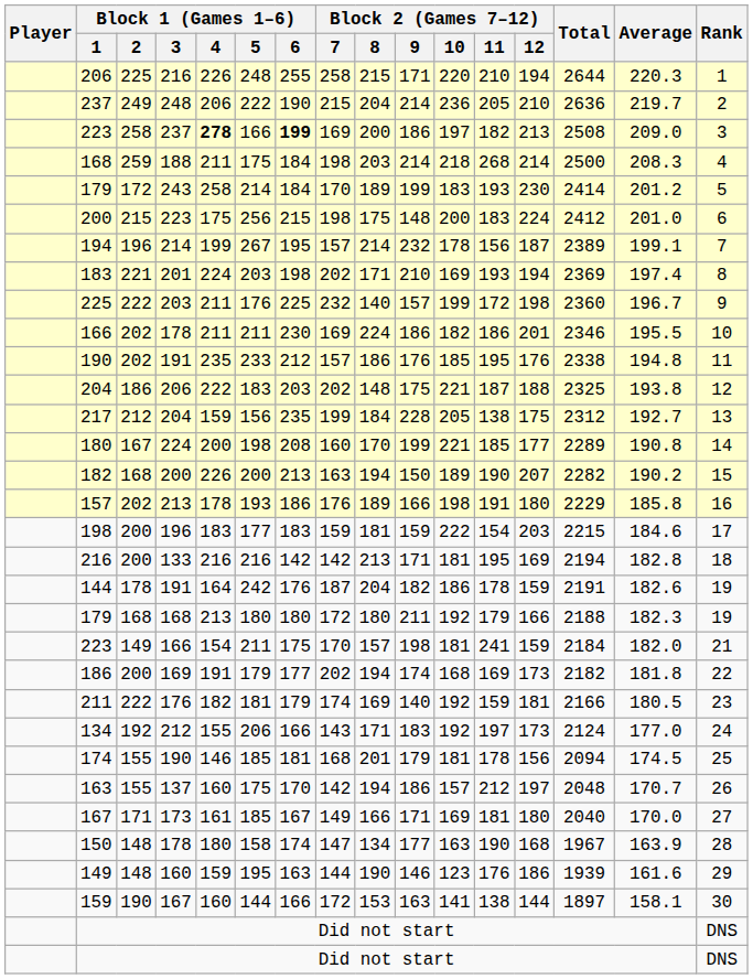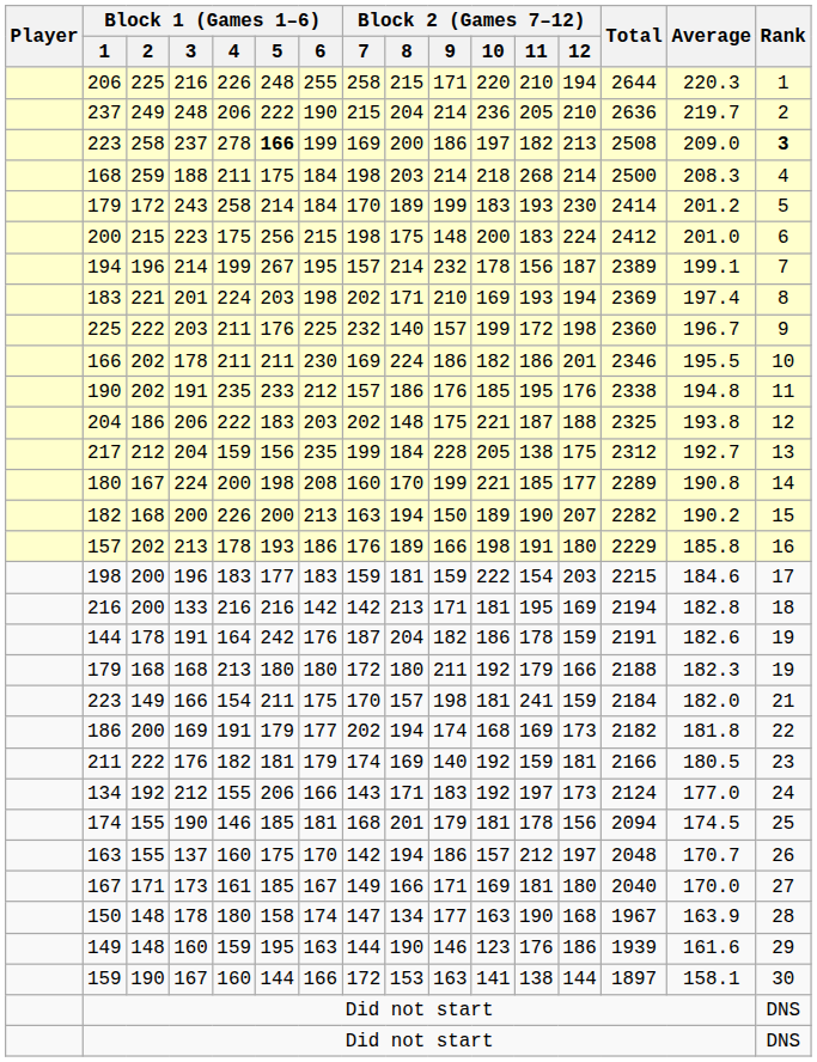 <table class="wikitable">
 <tr>
 <th rowspan=2>Player</th>
 <th colspan=6>Block 1 (Games 1–6)</th>
 <th colspan=6>Block 2 (Games 7–12)</th>
 <th rowspan=2>Total</th>
 <th rowspan=2>Average</th>
 <th rowspan=2>Rank</th>
 </tr>
 <tr>
 <th>1</th>
 <th>2</th>
 <th>3</th>
 <th>4</th>
 <th>5</th>
 <th>6</th>
 <th>7</th>
 <th>8</th>
 <th>9</th>
 <th>10</th>
 <th>11</th>
 <th>12</th>
 </tr>
 <tr bgcolor=#ffffcc>
 <td></td>
 <td align=center>206</td>
 <td align=center>225</td>
 <td align=center>216</td>
 <td align=center>226</td>
 <td align=center>248</td>
 <td align=center>255</td>
 <td align=center>258</td>
 <td align=center>215</td>
 <td align=center>171</td>
 <td align=center>220</td>
 <td align=center>210</td>
 <td align=center>194</td>
 <td align=center>2644</td>
 <td align=center>220.3</td>
 <td align=center>1</td>
 </tr>
 <tr bgcolor=#ffffcc>
 <td></td>
 <td align=center>237</td>
 <td align=center>249</td>
 <td align=center>248</td>
 <td align=center>206</td>
 <td align=center>222</td>
 <td align=center>190</td>
 <td align=center>215</td>
 <td align=center>204</td>
 <td align=center>214</td>
 <td align=center>236</td>
 <td align=center>205</td>
 <td align=center>210</td>
 <td align=center>2636</td>
 <td align=center>219.7</td>
 <td align=center>2</td>
 </tr>
 <tr bgcolor=#ffffcc>
 <td></td>
 <td align=center>223</td>
 <td align=center>258</td>
 <td align=center>237</td>
-<td align=center><strong>278</strong></td>
-<td align=center>166</td>
-<td align=center><strong>199</strong></td>
+<td align=center>278</td>
+<td align=center><strong>166</strong></td>
+<td align=center>199</td>
 <td align=center>169</td>
 <td align=center>200</td>
 <td align=center>186</td>
 <td align=center>197</td>
 <td align=center>182</td>
 <td align=center>213</td>
 <td align=center>2508</td>
 <td align=center>209.0</td>
-<td align=center>3</td>
+<td align=center><strong>3</strong></td>
 </tr>
 <tr bgcolor=#ffffcc>
 <td></td>
 <td align=center>168</td>
 <td align=center>259</td>
 <td align=center>188</td>
 <td align=center>211</td>
 <td align=center>175</td>
 <td align=center>184</td>
 <td align=center>198</td>
 <td align=center>203</td>
 <td align=center>214</td>
 <td align=center>218</td>
 <td align=center>268</td>
 <td align=center>214</td>
 <td align=center>2500</td>
 <td align=center>208.3</td>
 <td align=center>4</td>
 </tr>
 <tr bgcolor=#ffffcc>
 <td></td>
 <td align=center>179</td>
 <td align=center>172</td>
 <td align=center>243</td>
 <td align=center>258</td>
 <td align=center>214</td>
 <td align=center>184</td>
 <td align=center>170</td>
 <td align=center>189</td>
 <td align=center>199</td>
 <td align=center>183</td>
 <td align=center>193</td>
 <td align=center>230</td>
 <td align=center>2414</td>
 <td align=center>201.2</td>
 <td align=center>5</td>
 </tr>
 <tr bgcolor=#ffffcc>
 <td></td>
 <td align=center>200</td>
 <td align=center>215</td>
 <td align=center>223</td>
 <td align=center>175</td>
 <td align=center>256</td>
 <td align=center>215</td>
 <td align=center>198</td>
 <td align=center>175</td>
 <td align=center>148</td>
 <td align=center>200</td>
 <td align=center>183</td>
 <td align=center>224</td>
 <td align=center>2412</td>
 <td align=center>201.0</td>
 <td align=center>6</td>
 </tr>
 <tr bgcolor=#ffffcc>
 <td></td>
 <td align=center>194</td>
 <td align=center>196</td>
 <td align=center>214</td>
 <td align=center>199</td>
 <td align=center>267</td>
 <td align=center>195</td>
 <td align=center>157</td>
 <td align=center>214</td>
 <td align=center>232</td>
 <td align=center>178</td>
 <td align=center>156</td>
 <td align=center>187</td>
 <td align=center>2389</td>
 <td align=center>199.1</td>
 <td align=center>7</td>
 </tr>
 <tr bgcolor=#ffffcc>
 <td></td>
 <td align=center>183</td>
 <td align=center>221</td>
 <td align=center>201</td>
 <td align=center>224</td>
 <td align=center>203</td>
 <td align=center>198</td>
 <td align=center>202</td>
 <td align=center>171</td>
 <td align=center>210</td>
 <td align=center>169</td>
 <td align=center>193</td>
 <td align=center>194</td>
 <td align=center>2369</td>
 <td align=center>197.4</td>
 <td align=center>8</td>
 </tr>
 <tr bgcolor=#ffffcc>
 <td></td>
 <td align=center>225</td>
 <td align=center>222</td>
 <td align=center>203</td>
 <td align=center>211</td>
 <td align=center>176</td>
 <td align=center>225</td>
 <td align=center>232</td>
 <td align=center>140</td>
 <td align=center>157</td>
 <td align=center>199</td>
 <td align=center>172</td>
 <td align=center>198</td>
 <td align=center>2360</td>
 <td align=center>196.7</td>
 <td align=center>9</td>
 </tr>
 <tr bgcolor=#ffffcc>
 <td></td>
 <td align=center>166</td>
 <td align=center>202</td>
 <td align=center>178</td>
 <td align=center>211</td>
 <td align=center>211</td>
 <td align=center>230</td>
 <td align=center>169</td>
 <td align=center>224</td>
 <td align=center>186</td>
 <td align=center>182</td>
 <td align=center>186</td>
 <td align=center>201</td>
 <td align=center>2346</td>
 <td align=center>195.5</td>
 <td align=center>10</td>
 </tr>
 <tr bgcolor=#ffffcc>
 <td></td>
 <td align=center>190</td>
 <td align=center>202</td>
 <td align=center>191</td>
 <td align=center>235</td>
 <td align=center>233</td>
 <td align=center>212</td>
 <td align=center>157</td>
 <td align=center>186</td>
 <td align=center>176</td>
 <td align=center>185</td>
 <td align=center>195</td>
 <td align=center>176</td>
 <td align=center>2338</td>
 <td align=center>194.8</td>
 <td align=center>11</td>
 </tr>
 <tr bgcolor=#ffffcc>
 <td></td>
 <td align=center>204</td>
 <td align=center>186</td>
 <td align=center>206</td>
 <td align=center>222</td>
 <td align=center>183</td>
 <td align=center>203</td>
 <td align=center>202</td>
 <td align=center>148</td>
 <td align=center>175</td>
 <td align=center>221</td>
 <td align=center>187</td>
 <td align=center>188</td>
 <td align=center>2325</td>
 <td align=center>193.8</td>
 <td align=center>12</td>
 </tr>
 <tr bgcolor=#ffffcc>
 <td></td>
 <td align=center>217</td>
 <td align=center>212</td>
 <td align=center>204</td>
 <td align=center>159</td>
 <td align=center>156</td>
 <td align=center>235</td>
 <td align=center>199</td>
 <td align=center>184</td>
 <td align=center>228</td>
 <td align=center>205</td>
 <td align=center>138</td>
 <td align=center>175</td>
 <td align=center>2312</td>
 <td align=center>192.7</td>
 <td align=center>13</td>
 </tr>
 <tr bgcolor=#ffffcc>
 <td></td>
 <td align=center>180</td>
 <td align=center>167</td>
 <td align=center>224</td>
 <td align=center>200</td>
 <td align=center>198</td>
 <td align=center>208</td>
 <td align=center>160</td>
 <td align=center>170</td>
 <td align=center>199</td>
 <td align=center>221</td>
 <td align=center>185</td>
 <td align=center>177</td>
 <td align=center>2289</td>
 <td align=center>190.8</td>
 <td align=center>14</td>
 </tr>
 <tr bgcolor=#ffffcc>
 <td></td>
 <td align=center>182</td>
 <td align=center>168</td>
 <td align=center>200</td>
 <td align=center>226</td>
 <td align=center>200</td>
 <td align=center>213</td>
 <td align=center>163</td>
 <td align=center>194</td>
 <td align=center>150</td>
 <td align=center>189</td>
 <td align=center>190</td>
 <td align=center>207</td>
 <td align=center>2282</td>
 <td align=center>190.2</td>
 <td align=center>15</td>
 </tr>
 <tr bgcolor=#ffffcc>
 <td></td>
 <td align=center>157</td>
 <td align=center>202</td>
 <td align=center>213</td>
 <td align=center>178</td>
 <td align=center>193</td>
 <td align=center>186</td>
 <td align=center>176</td>
 <td align=center>189</td>
 <td align=center>166</td>
 <td align=center>198</td>
 <td align=center>191</td>
 <td align=center>180</td>
 <td align=center>2229</td>
 <td align=center>185.8</td>
 <td align=center>16</td>
 </tr>
 <tr>
 <td></td>
 <td align=center>198</td>
 <td align=center>200</td>
 <td align=center>196</td>
 <td align=center>183</td>
 <td align=center>177</td>
 <td align=center>183</td>
 <td align=center>159</td>
 <td align=center>181</td>
 <td align=center>159</td>
 <td align=center>222</td>
 <td align=center>154</td>
 <td align=center>203</td>
 <td align=center>2215</td>
 <td align=center>184.6</td>
 <td align=center>17</td>
 </tr>
 <tr>
 <td></td>
 <td align=center>216</td>
 <td align=center>200</td>
 <td align=center>133</td>
 <td align=center>216</td>
 <td align=center>216</td>
 <td align=center>142</td>
 <td align=center>142</td>
 <td align=center>213</td>
 <td align=center>171</td>
 <td align=center>181</td>
 <td align=center>195</td>
 <td align=center>169</td>
 <td align=center>2194</td>
 <td align=center>182.8</td>
 <td align=center>18</td>
 </tr>
 <tr>
 <td></td>
 <td align=center>144</td>
 <td align=center>178</td>
 <td align=center>191</td>
 <td align=center>164</td>
 <td align=center>242</td>
 <td align=center>176</td>
 <td align=center>187</td>
 <td align=center>204</td>
 <td align=center>182</td>
 <td align=center>186</td>
 <td align=center>178</td>
 <td align=center>159</td>
 <td align=center>2191</td>
 <td align=center>182.6</td>
 <td align=center>19</td>
 </tr>
 <tr>
 <td></td>
 <td align=center>179</td>
 <td align=center>168</td>
 <td align=center>168</td>
 <td align=center>213</td>
 <td align=center>180</td>
 <td align=center>180</td>
 <td align=center>172</td>
 <td align=center>180</td>
 <td align=center>211</td>
 <td align=center>192</td>
 <td align=center>179</td>
 <td align=center>166</td>
 <td align=center>2188</td>
 <td align=center>182.3</td>
 <td align=center>19</td>
 </tr>
 <tr>
 <td></td>
 <td align=center>223</td>
 <td align=center>149</td>
 <td align=center>166</td>
 <td align=center>154</td>
 <td align=center>211</td>
 <td align=center>175</td>
 <td align=center>170</td>
 <td align=center>157</td>
 <td align=center>198</td>
 <td align=center>181</td>
 <td align=center>241</td>
 <td align=center>159</td>
 <td align=center>2184</td>
 <td align=center>182.0</td>
 <td align=center>21</td>
 </tr>
 <tr>
 <td></td>
 <td align=center>186</td>
 <td align=center>200</td>
 <td align=center>169</td>
 <td align=center>191</td>
 <td align=center>179</td>
 <td align=center>177</td>
 <td align=center>202</td>
 <td align=center>194</td>
 <td align=center>174</td>
 <td align=center>168</td>
 <td align=center>169</td>
 <td align=center>173</td>
 <td align=center>2182</td>
 <td align=center>181.8</td>
 <td align=center>22</td>
 </tr>
 <tr>
 <td></td>
 <td align=center>211</td>
 <td align=center>222</td>
 <td align=center>176</td>
 <td align=center>182</td>
 <td align=center>181</td>
 <td align=center>179</td>
 <td align=center>174</td>
 <td align=center>169</td>
 <td align=center>140</td>
 <td align=center>192</td>
 <td align=center>159</td>
 <td align=center>181</td>
 <td align=center>2166</td>
 <td align=center>180.5</td>
 <td align=center>23</td>
 </tr>
 <tr>
 <td></td>
 <td align=center>134</td>
 <td align=center>192</td>
 <td align=center>212</td>
 <td align=center>155</td>
 <td align=center>206</td>
 <td align=center>166</td>
 <td align=center>143</td>
 <td align=center>171</td>
 <td align=center>183</td>
 <td align=center>192</td>
 <td align=center>197</td>
 <td align=center>173</td>
 <td align=center>2124</td>
 <td align=center>177.0</td>
 <td align=center>24</td>
 </tr>
 <tr>
 <td></td>
 <td align=center>174</td>
 <td align=center>155</td>
 <td align=center>190</td>
 <td align=center>146</td>
 <td align=center>185</td>
 <td align=center>181</td>
 <td align=center>168</td>
 <td align=center>201</td>
 <td align=center>179</td>
 <td align=center>181</td>
 <td align=center>178</td>
 <td align=center>156</td>
 <td align=center>2094</td>
 <td align=center>174.5</td>
 <td align=center>25</td>
 </tr>
 <tr>
 <td></td>
 <td align=center>163</td>
 <td align=center>155</td>
 <td align=center>137</td>
 <td align=center>160</td>
 <td align=center>175</td>
 <td align=center>170</td>
 <td align=center>142</td>
 <td align=center>194</td>
 <td align=center>186</td>
 <td align=center>157</td>
 <td align=center>212</td>
 <td align=center>197</td>
 <td align=center>2048</td>
 <td align=center>170.7</td>
 <td align=center>26</td>
 </tr>
 <tr>
 <td></td>
 <td align=center>167</td>
 <td align=center>171</td>
 <td align=center>173</td>
 <td align=center>161</td>
 <td align=center>185</td>
 <td align=center>167</td>
 <td align=center>149</td>
 <td align=center>166</td>
 <td align=center>171</td>
 <td align=center>169</td>
 <td align=center>181</td>
 <td align=center>180</td>
 <td align=center>2040</td>
 <td align=center>170.0</td>
 <td align=center>27</td>
 </tr>
 <tr>
 <td></td>
 <td align=center>150</td>
 <td align=center>148</td>
 <td align=center>178</td>
 <td align=center>180</td>
 <td align=center>158</td>
 <td align=center>174</td>
 <td align=center>147</td>
 <td align=center>134</td>
 <td align=center>177</td>
 <td align=center>163</td>
 <td align=center>190</td>
 <td align=center>168</td>
 <td align=center>1967</td>
 <td align=center>163.9</td>
 <td align=center>28</td>
 </tr>
 <tr>
 <td></td>
 <td align=center>149</td>
 <td align=center>148</td>
 <td align=center>160</td>
 <td align=center>159</td>
 <td align=center>195</td>
 <td align=center>163</td>
 <td align=center>144</td>
 <td align=center>190</td>
 <td align=center>146</td>
 <td align=center>123</td>
 <td align=center>176</td>
 <td align=center>186</td>
 <td align=center>1939</td>
 <td align=center>161.6</td>
 <td align=center>29</td>
 </tr>
 <tr>
 <td></td>
 <td align=center>159</td>
 <td align=center>190</td>
 <td align=center>167</td>
 <td align=center>160</td>
 <td align=center>144</td>
 <td align=center>166</td>
 <td align=center>172</td>
 <td align=center>153</td>
 <td align=center>163</td>
 <td align=center>141</td>
 <td align=center>138</td>
 <td align=center>144</td>
 <td align=center>1897</td>
 <td align=center>158.1</td>
 <td align=center>30</td>
 </tr>
 <tr>
 <td></td>
 <td align=center colspan=14>Did not start</td>
 <td align=center>DNS</td>
 </tr>
 <tr>
 <td></td>
 <td align=center colspan=14>Did not start</td>
 <td align=center>DNS</td>
 </tr>
 </table>
